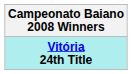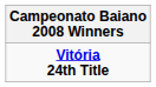 <table class="wikitable" style="text-align: center; margin: 0 auto;">
 <tr>
 <th>Campeonato Baiano<br>2008 Winners</th>
 </tr>
 <tr>
-<td style="background: paleturquoise;"><strong><a href='#'>Vitória</a></strong><br><strong>24th Title</strong></td>
+<td><strong><a href='#'>Vitória</a></strong><br><strong>24th Title</strong></td>
 </tr>
 </table>
